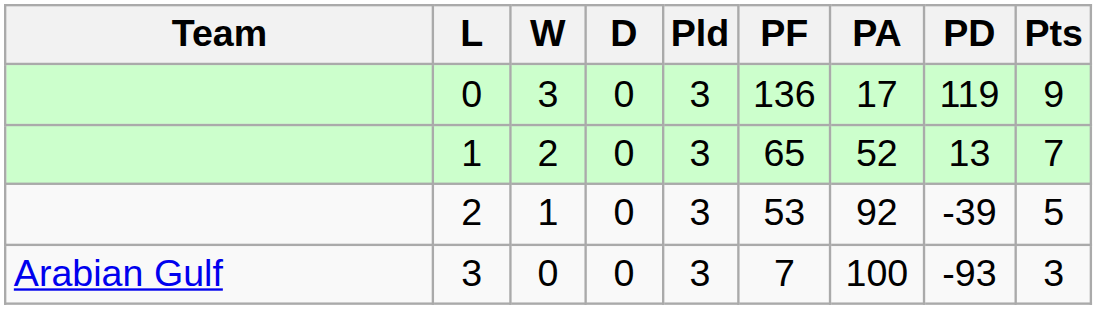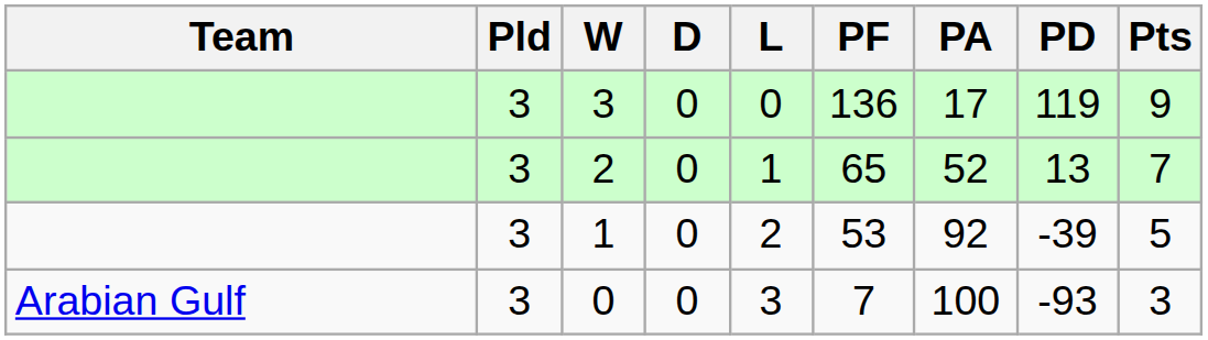 <table class="wikitable" style="text-align:center;">
 <tr>
 <th width=175>Team</th>
-<th width=25 abbr="Lost">L</th>
+<th width=25 abbr="Played">Pld</th>
 <th width=25 abbr="Won">W</th>
 <th width=25 abbr="Drawn">D</th>
-<th width=25 abbr="Played">Pld</th>
+<th width=25 abbr="Lost">L</th>
 <th width=32 abbr="Points for">PF</th>
 <th width=32 abbr="Points against">PA</th>
 <th width=32 abbr="Points difference">PD</th>
 <th width=25 abbr="Points">Pts</th>
 </tr>
 <tr bgcolor="#ccffcc">
 <td align=left></td>
-<td>0</td>
+<td>3</td>
 <td>3</td>
 <td>0</td>
-<td>3</td>
+<td>0</td>
 <td>136</td>
 <td>17</td>
 <td>119</td>
 <td>9</td>
 </tr>
 <tr bgcolor="#ccffcc">
 <td align=left></td>
-<td>1</td>
+<td>3</td>
 <td>2</td>
 <td>0</td>
-<td>3</td>
+<td>1</td>
 <td>65</td>
 <td>52</td>
 <td>13</td>
 <td>7</td>
 </tr>
 <tr>
 <td align=left></td>
-<td>2</td>
+<td>3</td>
 <td>1</td>
 <td>0</td>
-<td>3</td>
+<td>2</td>
 <td>53</td>
 <td>92</td>
 <td>-39</td>
 <td>5</td>
 </tr>
 <tr>
 <td align=left> <a href='#'>Arabian Gulf</a></td>
 <td>3</td>
 <td>0</td>
 <td>0</td>
 <td>3</td>
 <td>7</td>
 <td>100</td>
 <td>-93</td>
 <td>3</td>
 </tr>
 </table>
